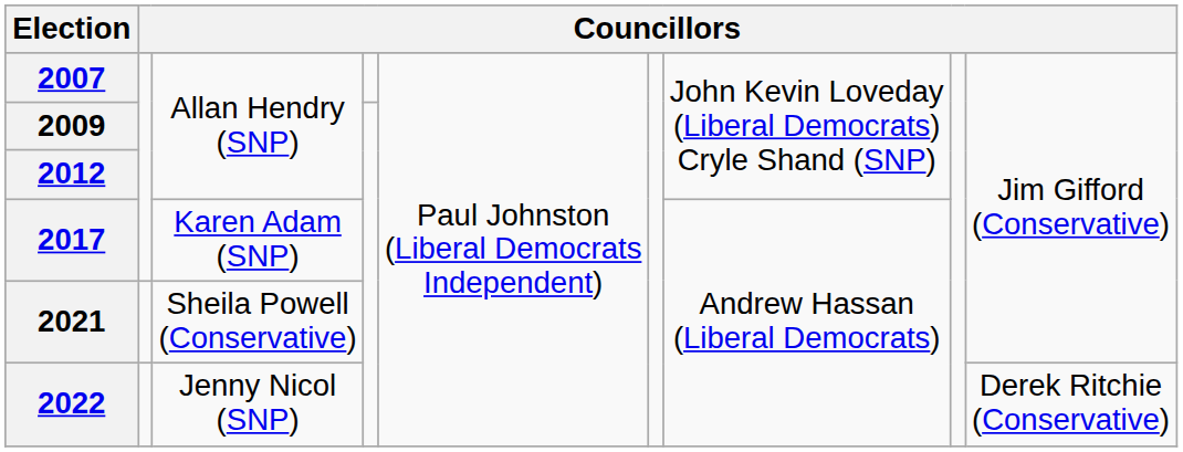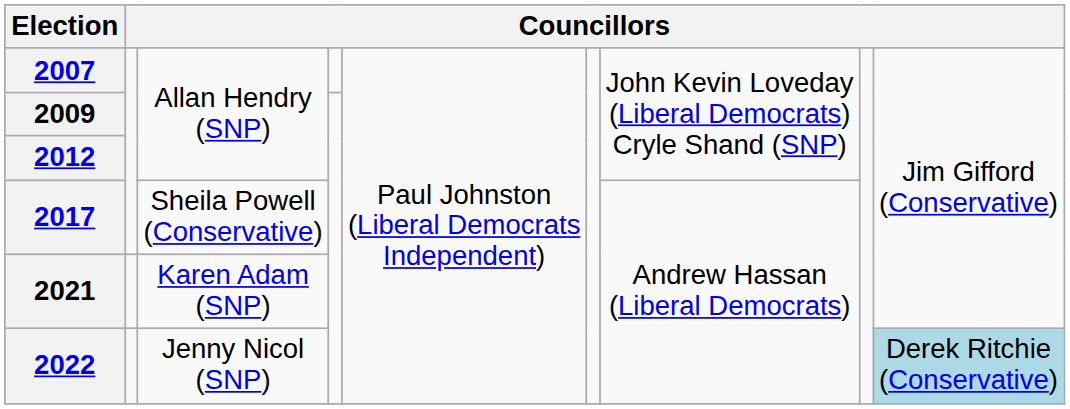 <table class="wikitable" style="text-align:center">
 <tr>
 <th>Election</th>
 <th colspan=8>Councillors</th>
 </tr>
 <tr>
 <th><a href='#'>2007</a></th>
 <td rowspan=4; style="background-color: "></td>
 <td rowspan=3>Allan Hendry<br>(<a href='#'>SNP</a>)</td>
 <td rowspan=1; style="background-color: "></td>
 <td rowspan=6>Paul Johnston<br>(<a href='#'>Liberal Democrats</a><br><a href='#'>Independent</a>)</td>
 <td rowspan=6; style="background-color: "></td>
 <td rowspan=3>John Kevin Loveday<br>(<a href='#'>Liberal Democrats</a>)<br>Cryle Shand (<a href='#'>SNP</a>)</td>
 <td rowspan=6; style="background-color: "></td>
 <td rowspan=5>Jim Gifford<br>(<a href='#'>Conservative</a>)</td>
 </tr>
 <tr>
 <th>2009</th>
 <td rowspan=5; style="background-color: "></td>
 </tr>
 <tr>
 <th><a href='#'>2012</a></th>
 </tr>
 <tr>
 <th><a href='#'>2017</a></th>
-<td rowspan=1><a href='#'>Karen Adam</a><br>(<a href='#'>SNP</a>)</td>
+<td rowspan=1>Sheila Powell<br>(<a href='#'>Conservative</a>)</td>
 <td rowspan=3>Andrew Hassan<br>(<a href='#'>Liberal Democrats</a>)</td>
 </tr>
 <tr>
 <th>2021</th>
 <td rowspan=1; style="background-color: "></td>
-<td rowspan=1>Sheila Powell<br>(<a href='#'>Conservative</a>)</td>
+<td rowspan=1><a href='#'>Karen Adam</a><br>(<a href='#'>SNP</a>)</td>
 </tr>
 <tr>
 <th><a href='#'>2022</a></th>
 <td rowspan=1; style="background-color: "></td>
 <td rowspan=1>Jenny Nicol<br>(<a href='#'>SNP</a>)</td>
-<td rowspan=1>Derek Ritchie<br>(<a href='#'>Conservative</a>)</td>
+<td rowspan=1 style="background: lightblue;">Derek Ritchie<br>(<a href='#'>Conservative</a>)</td>
 </tr>
 </table>
